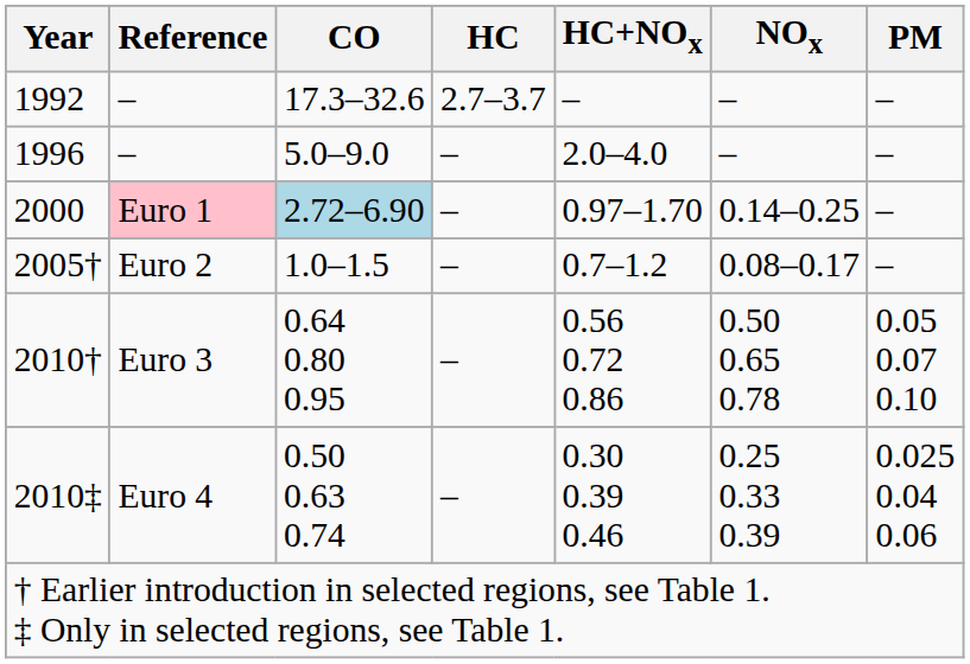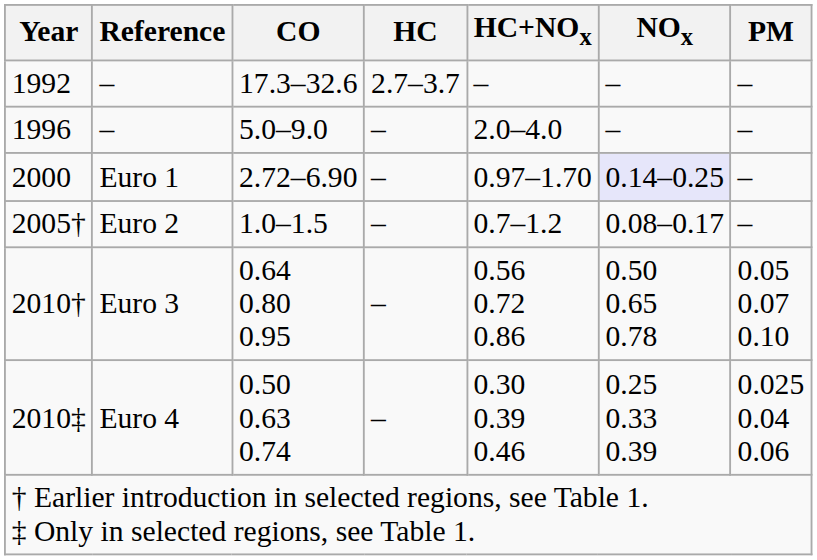 <table class="wikitable">
 <tr>
 <th>Year</th>
 <th>Reference</th>
 <th>CO</th>
 <th>HC</th>
 <th>HC+NO<sub>x</sub></th>
 <th>NO<sub>x</sub></th>
 <th>PM</th>
 </tr>
 <tr>
 <td>1992</td>
 <td>–</td>
 <td>17.3–32.6</td>
 <td>2.7–3.7</td>
 <td>–</td>
 <td>–</td>
 <td>–</td>
 </tr>
 <tr>
 <td>1996</td>
 <td>–</td>
 <td>5.0–9.0</td>
 <td>–</td>
 <td>2.0–4.0</td>
 <td>–</td>
 <td>–</td>
 </tr>
 <tr>
 <td>2000</td>
-<td style="background: pink;">Euro 1</td>
-<td style="background: lightblue;">2.72–6.90</td>
+<td>Euro 1</td>
+<td>2.72–6.90</td>
 <td>–</td>
 <td>0.97–1.70</td>
-<td>0.14–0.25</td>
+<td style="background: lavender;">0.14–0.25</td>
 <td>–</td>
 </tr>
 <tr>
 <td>2005†</td>
 <td>Euro 2</td>
 <td>1.0–1.5</td>
 <td>–</td>
 <td>0.7–1.2</td>
 <td>0.08–0.17</td>
 <td>–</td>
 </tr>
 <tr>
 <td>2010†</td>
 <td>Euro 3</td>
 <td>0.64<br>0.80<br>0.95</td>
 <td>–</td>
 <td>0.56<br>0.72<br>0.86</td>
 <td>0.50<br>0.65<br>0.78</td>
 <td>0.05<br>0.07<br>0.10</td>
 </tr>
 <tr>
 <td>2010‡</td>
 <td>Euro 4</td>
 <td>0.50<br>0.63<br>0.74</td>
 <td>–</td>
 <td>0.30<br>0.39<br>0.46</td>
 <td>0.25<br>0.33<br>0.39</td>
 <td>0.025<br>0.04<br>0.06</td>
 </tr>
 <tr>
 <td colspan="7">† Earlier introduction in selected regions, see Table 1.<br>‡ Only in selected regions, see Table 1.</td>
 </tr>
 </table>
